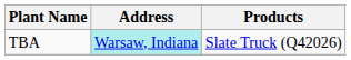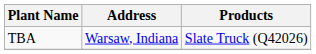 <table class="wikitable">
 <tr>
 <th>Plant Name</th>
 <th>Address</th>
 <th>Products</th>
 </tr>
 <tr --->
 <td>TBA</td>
-<td style="background: paleturquoise;"><a href='#'>Warsaw, Indiana</a></td>
+<td><a href='#'>Warsaw, Indiana</a></td>
 <td><a href='#'>Slate Truck</a> (Q42026)</td>
 </tr>
 <tr --->
 </tr>
 </table>
